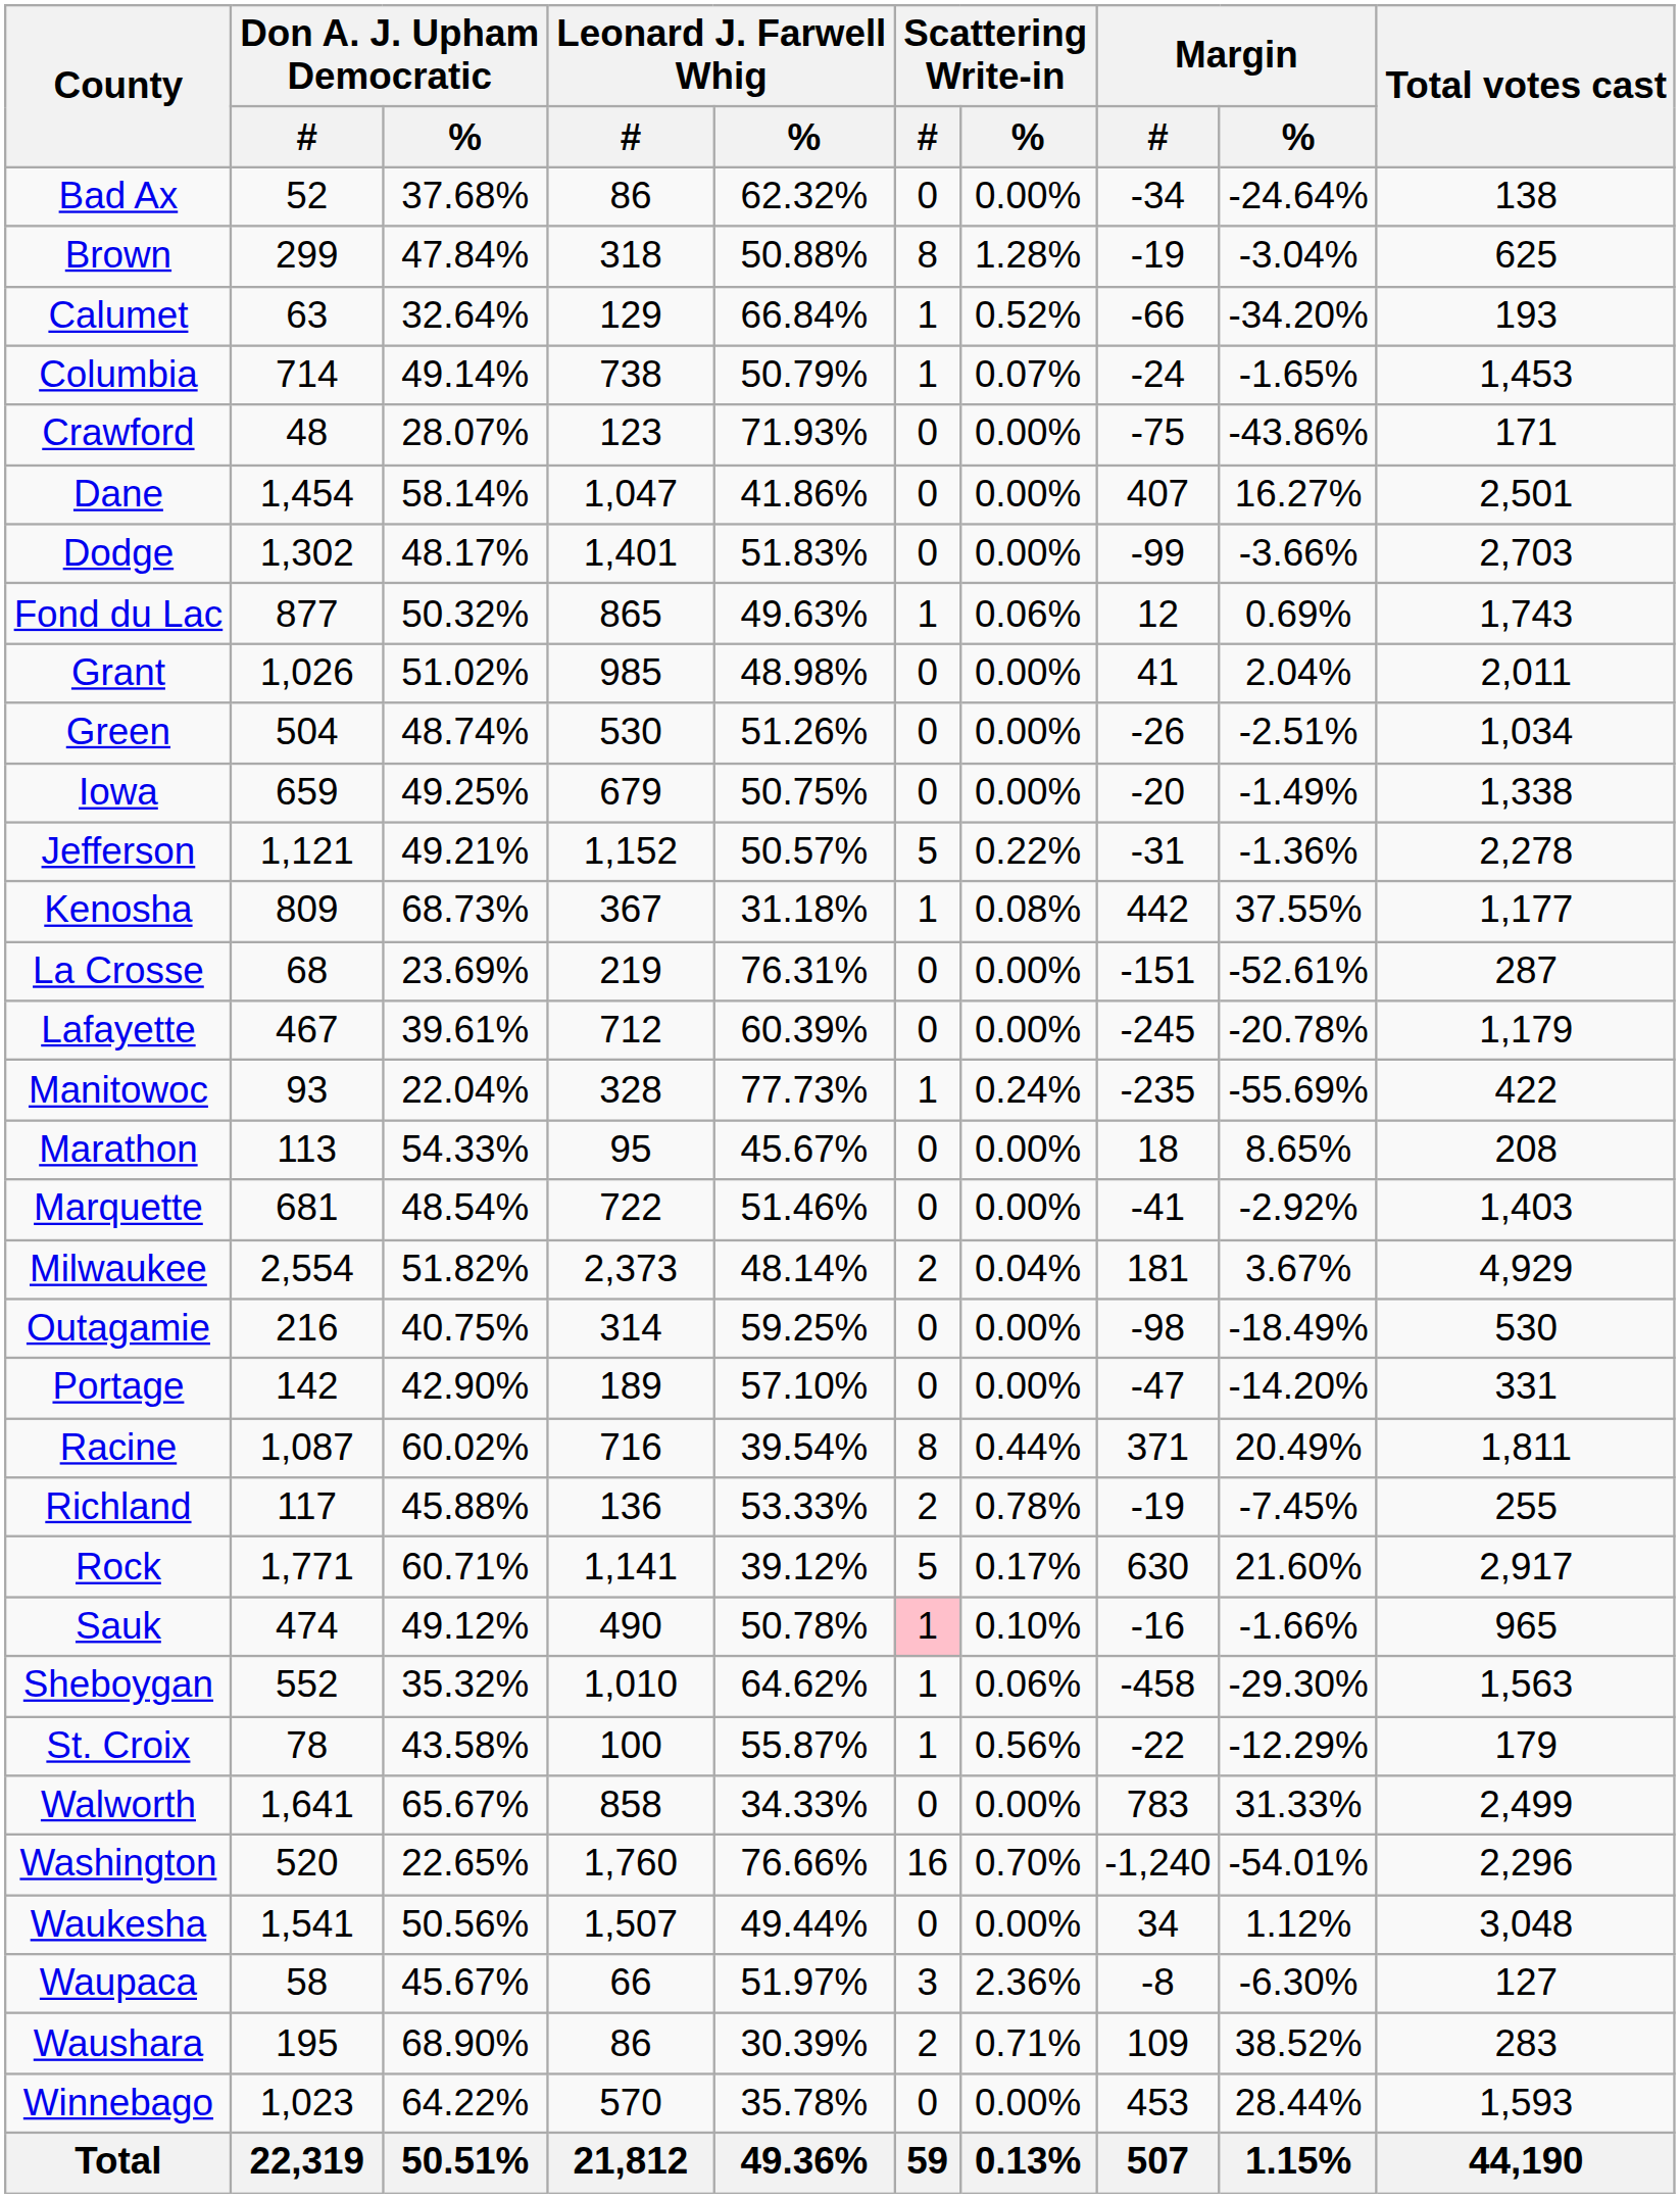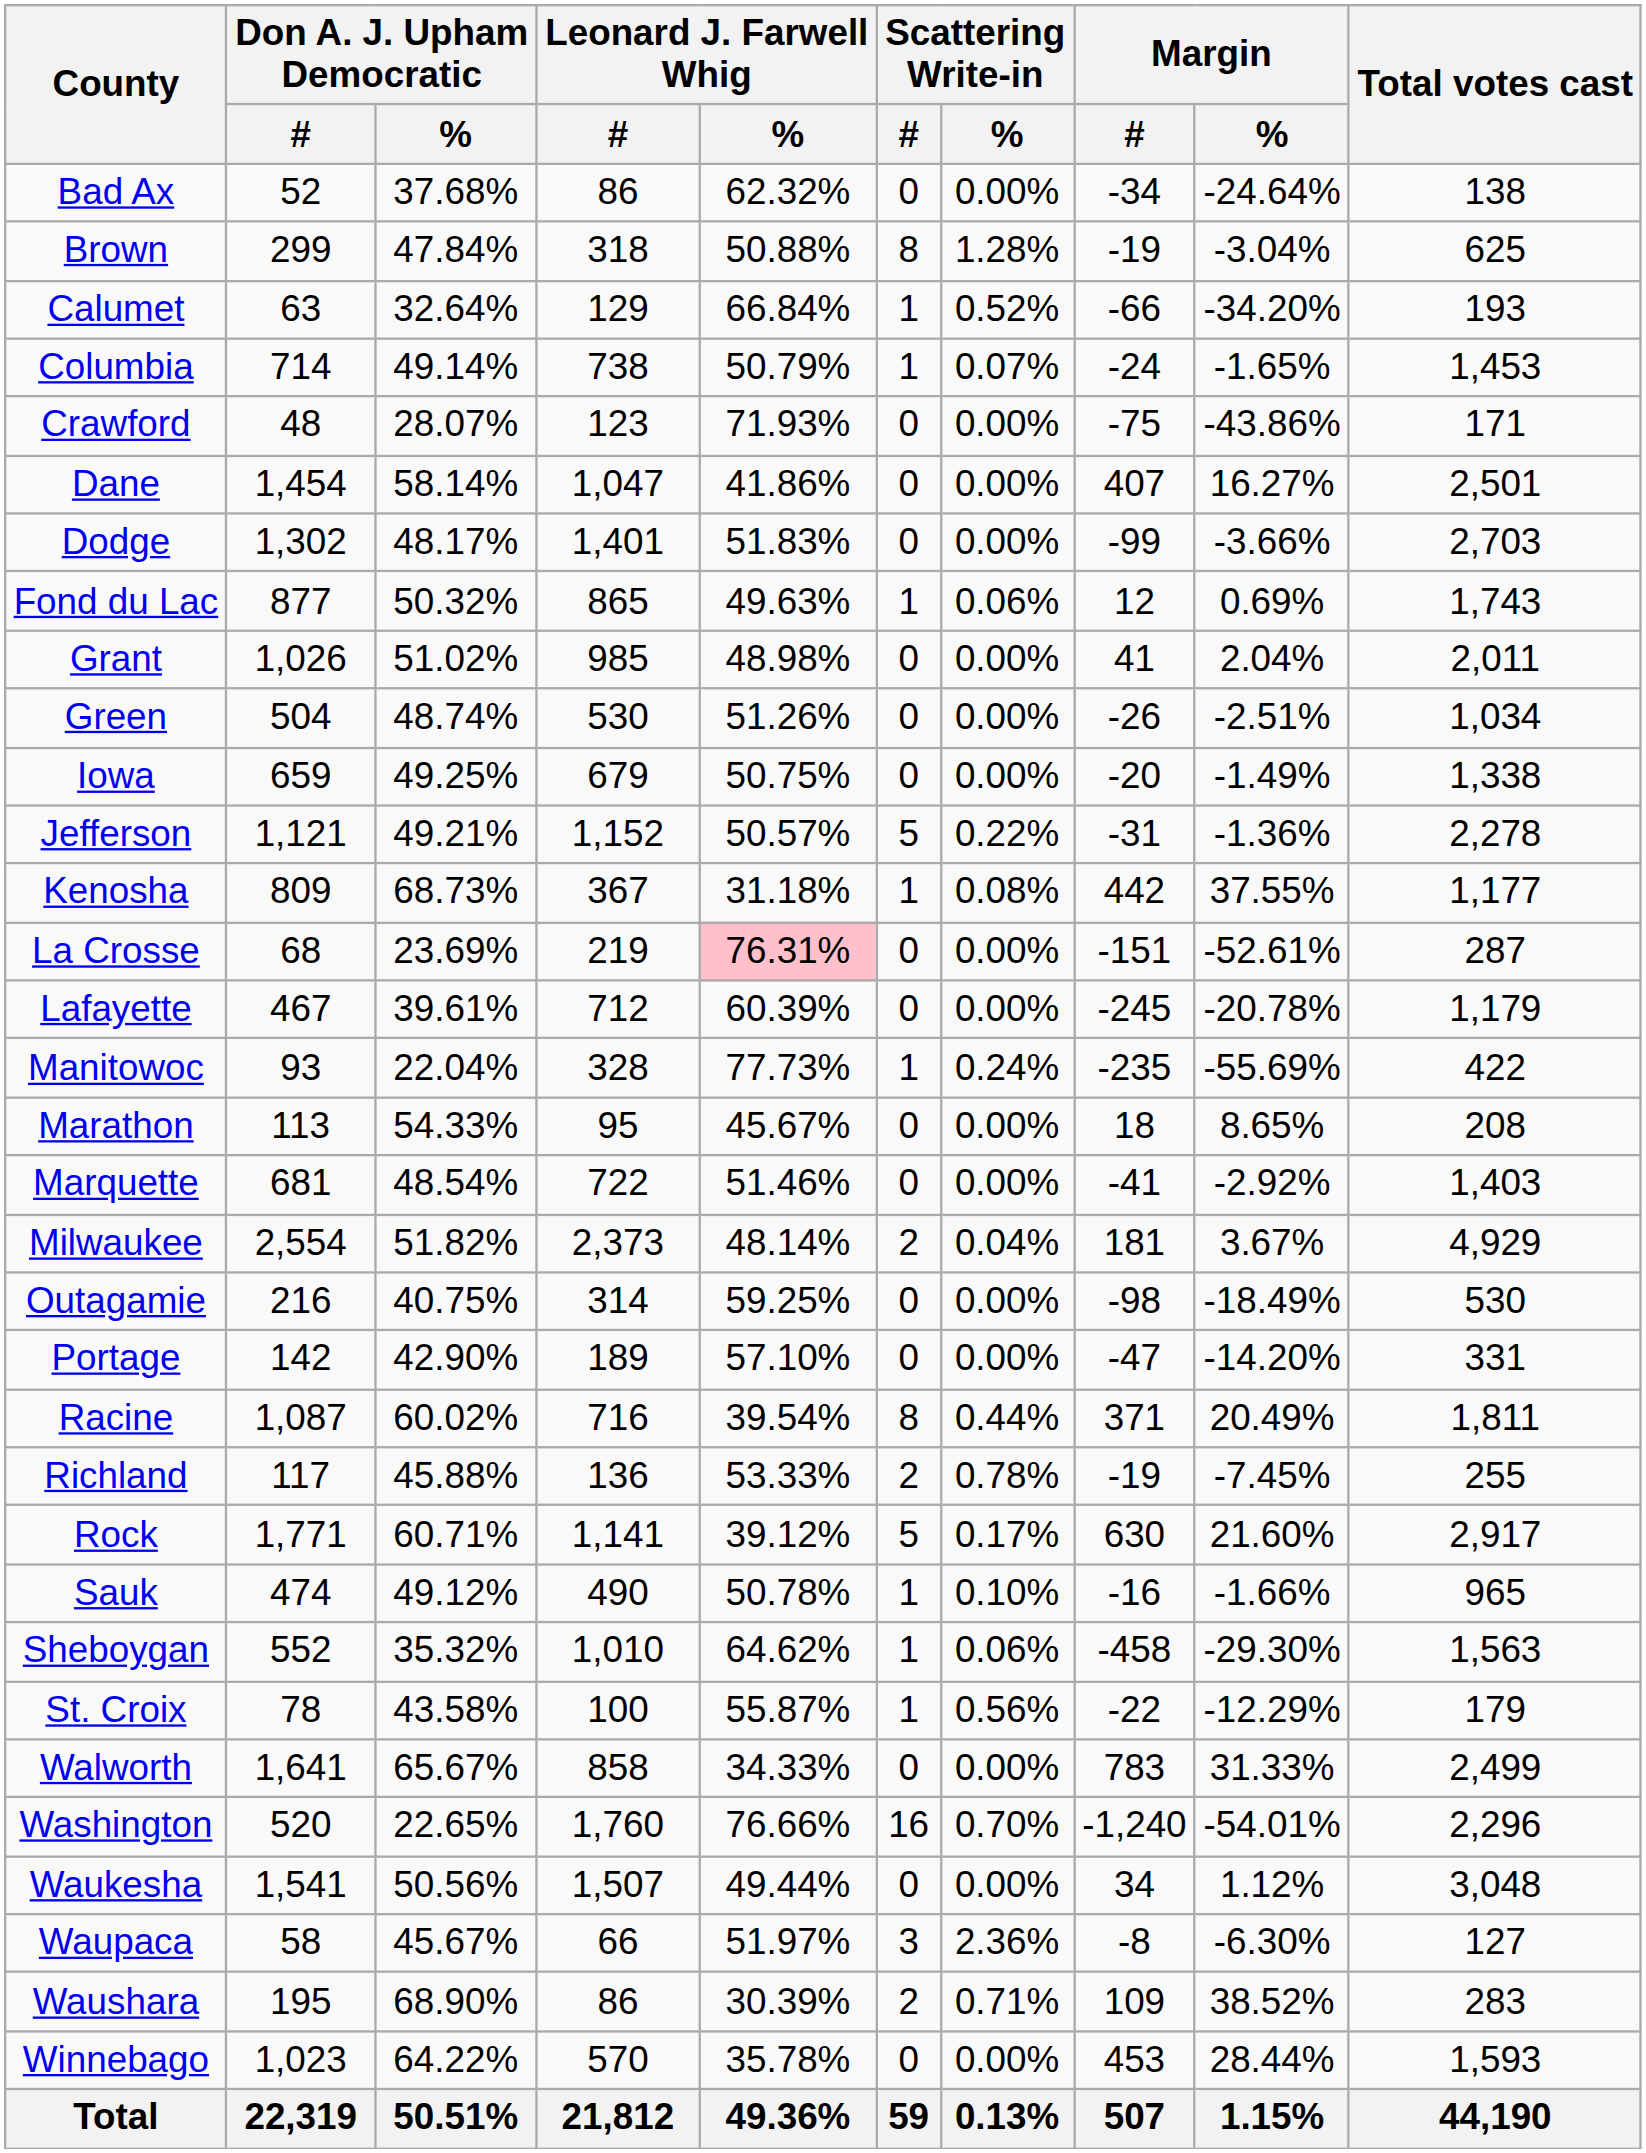 <table class="wikitable sortable" style="text-align:center">
 <tr>
 <th rowspan="2" style="text-align:center;">County</th>
 <th colspan="2" style="text-align:center;">Don A. J. Upham<br>Democratic</th>
 <th colspan="2" style="text-align:center;">Leonard J. Farwell<br>Whig</th>
 <th colspan="2" style="text-align:center;">Scattering<br>Write-in</th>
 <th colspan="2" style="text-align:center;">Margin</th>
 <th rowspan="2" style="text-align:center;">Total votes cast</th>
 </tr>
 <tr>
 <th style="text-align:center;" data-sort-type="number">#</th>
 <th style="text-align:center;" data-sort-type="number">%</th>
 <th style="text-align:center;" data-sort-type="number">#</th>
 <th style="text-align:center;" data-sort-type="number">%</th>
 <th style="text-align:center;" data-sort-type="number">#</th>
 <th style="text-align:center;" data-sort-type="number">%</th>
 <th style="text-align:center;" data-sort-type="number">#</th>
 <th style="text-align:center;" data-sort-type="number">%</th>
 </tr>
 <tr style="text-align:center;">
 <td><a href='#'>Bad Ax</a></td>
 <td>52</td>
 <td>37.68%</td>
 <td>86</td>
 <td>62.32%</td>
 <td>0</td>
 <td>0.00%</td>
 <td>-34</td>
 <td>-24.64%</td>
 <td>138</td>
 </tr>
 <tr style="text-align:center;">
 <td><a href='#'>Brown</a></td>
 <td>299</td>
 <td>47.84%</td>
 <td>318</td>
 <td>50.88%</td>
 <td>8</td>
 <td>1.28%</td>
 <td>-19</td>
 <td>-3.04%</td>
 <td>625</td>
 </tr>
 <tr style="text-align:center;">
 <td><a href='#'>Calumet</a></td>
 <td>63</td>
 <td>32.64%</td>
 <td>129</td>
 <td>66.84%</td>
 <td>1</td>
 <td>0.52%</td>
 <td>-66</td>
 <td>-34.20%</td>
 <td>193</td>
 </tr>
 <tr style="text-align:center;">
 <td><a href='#'>Columbia</a></td>
 <td>714</td>
 <td>49.14%</td>
 <td>738</td>
 <td>50.79%</td>
 <td>1</td>
 <td>0.07%</td>
 <td>-24</td>
 <td>-1.65%</td>
 <td>1,453</td>
 </tr>
 <tr style="text-align:center;">
 <td><a href='#'>Crawford</a></td>
 <td>48</td>
 <td>28.07%</td>
 <td>123</td>
 <td>71.93%</td>
 <td>0</td>
 <td>0.00%</td>
 <td>-75</td>
 <td>-43.86%</td>
 <td>171</td>
 </tr>
 <tr style="text-align:center;">
 <td><a href='#'>Dane</a></td>
 <td>1,454</td>
 <td>58.14%</td>
 <td>1,047</td>
 <td>41.86%</td>
 <td>0</td>
 <td>0.00%</td>
 <td>407</td>
 <td>16.27%</td>
 <td>2,501</td>
 </tr>
 <tr style="text-align:center;">
 <td><a href='#'>Dodge</a></td>
 <td>1,302</td>
 <td>48.17%</td>
 <td>1,401</td>
 <td>51.83%</td>
 <td>0</td>
 <td>0.00%</td>
 <td>-99</td>
 <td>-3.66%</td>
 <td>2,703</td>
 </tr>
 <tr style="text-align:center;">
 <td><a href='#'>Fond du Lac</a></td>
 <td>877</td>
 <td>50.32%</td>
 <td>865</td>
 <td>49.63%</td>
 <td>1</td>
 <td>0.06%</td>
 <td>12</td>
 <td>0.69%</td>
 <td>1,743</td>
 </tr>
 <tr style="text-align:center;">
 <td><a href='#'>Grant</a></td>
 <td>1,026</td>
 <td>51.02%</td>
 <td>985</td>
 <td>48.98%</td>
 <td>0</td>
 <td>0.00%</td>
 <td>41</td>
 <td>2.04%</td>
 <td>2,011</td>
 </tr>
 <tr style="text-align:center;">
 <td><a href='#'>Green</a></td>
 <td>504</td>
 <td>48.74%</td>
 <td>530</td>
 <td>51.26%</td>
 <td>0</td>
 <td>0.00%</td>
 <td>-26</td>
 <td>-2.51%</td>
 <td>1,034</td>
 </tr>
 <tr style="text-align:center;">
 <td><a href='#'>Iowa</a></td>
 <td>659</td>
 <td>49.25%</td>
 <td>679</td>
 <td>50.75%</td>
 <td>0</td>
 <td>0.00%</td>
 <td>-20</td>
 <td>-1.49%</td>
 <td>1,338</td>
 </tr>
 <tr style="text-align:center;">
 <td><a href='#'>Jefferson</a></td>
 <td>1,121</td>
 <td>49.21%</td>
 <td>1,152</td>
 <td>50.57%</td>
 <td>5</td>
 <td>0.22%</td>
 <td>-31</td>
 <td>-1.36%</td>
 <td>2,278</td>
 </tr>
 <tr style="text-align:center;">
 <td><a href='#'>Kenosha</a></td>
 <td>809</td>
 <td>68.73%</td>
 <td>367</td>
 <td>31.18%</td>
 <td>1</td>
 <td>0.08%</td>
 <td>442</td>
 <td>37.55%</td>
 <td>1,177</td>
 </tr>
 <tr style="text-align:center;">
 <td><a href='#'>La Crosse</a></td>
 <td>68</td>
 <td>23.69%</td>
 <td>219</td>
-<td>76.31%</td>
+<td style="background: pink;">76.31%</td>
 <td>0</td>
 <td>0.00%</td>
 <td>-151</td>
 <td>-52.61%</td>
 <td>287</td>
 </tr>
 <tr style="text-align:center;">
 <td><a href='#'>Lafayette</a></td>
 <td>467</td>
 <td>39.61%</td>
 <td>712</td>
 <td>60.39%</td>
 <td>0</td>
 <td>0.00%</td>
 <td>-245</td>
 <td>-20.78%</td>
 <td>1,179</td>
 </tr>
 <tr style="text-align:center;">
 <td><a href='#'>Manitowoc</a></td>
 <td>93</td>
 <td>22.04%</td>
 <td>328</td>
 <td>77.73%</td>
 <td>1</td>
 <td>0.24%</td>
 <td>-235</td>
 <td>-55.69%</td>
 <td>422</td>
 </tr>
 <tr style="text-align:center;">
 <td><a href='#'>Marathon</a></td>
 <td>113</td>
 <td>54.33%</td>
 <td>95</td>
 <td>45.67%</td>
 <td>0</td>
 <td>0.00%</td>
 <td>18</td>
 <td>8.65%</td>
 <td>208</td>
 </tr>
 <tr style="text-align:center;">
 <td><a href='#'>Marquette</a></td>
 <td>681</td>
 <td>48.54%</td>
 <td>722</td>
 <td>51.46%</td>
 <td>0</td>
 <td>0.00%</td>
 <td>-41</td>
 <td>-2.92%</td>
 <td>1,403</td>
 </tr>
 <tr style="text-align:center;">
 <td><a href='#'>Milwaukee</a></td>
 <td>2,554</td>
 <td>51.82%</td>
 <td>2,373</td>
 <td>48.14%</td>
 <td>2</td>
 <td>0.04%</td>
 <td>181</td>
 <td>3.67%</td>
 <td>4,929</td>
 </tr>
 <tr style="text-align:center;">
 <td><a href='#'>Outagamie</a></td>
 <td>216</td>
 <td>40.75%</td>
 <td>314</td>
 <td>59.25%</td>
 <td>0</td>
 <td>0.00%</td>
 <td>-98</td>
 <td>-18.49%</td>
 <td>530</td>
 </tr>
 <tr style="text-align:center;">
 <td><a href='#'>Portage</a></td>
 <td>142</td>
 <td>42.90%</td>
 <td>189</td>
 <td>57.10%</td>
 <td>0</td>
 <td>0.00%</td>
 <td>-47</td>
 <td>-14.20%</td>
 <td>331</td>
 </tr>
 <tr style="text-align:center;">
 <td><a href='#'>Racine</a></td>
 <td>1,087</td>
 <td>60.02%</td>
 <td>716</td>
 <td>39.54%</td>
 <td>8</td>
 <td>0.44%</td>
 <td>371</td>
 <td>20.49%</td>
 <td>1,811</td>
 </tr>
 <tr style="text-align:center;">
 <td><a href='#'>Richland</a></td>
 <td>117</td>
 <td>45.88%</td>
 <td>136</td>
 <td>53.33%</td>
 <td>2</td>
 <td>0.78%</td>
 <td>-19</td>
 <td>-7.45%</td>
 <td>255</td>
 </tr>
 <tr style="text-align:center;">
 <td><a href='#'>Rock</a></td>
 <td>1,771</td>
 <td>60.71%</td>
 <td>1,141</td>
 <td>39.12%</td>
 <td>5</td>
 <td>0.17%</td>
 <td>630</td>
 <td>21.60%</td>
 <td>2,917</td>
 </tr>
 <tr style="text-align:center;">
 <td><a href='#'>Sauk</a></td>
 <td>474</td>
 <td>49.12%</td>
 <td>490</td>
 <td>50.78%</td>
-<td style="background: pink;">1</td>
+<td>1</td>
 <td>0.10%</td>
 <td>-16</td>
 <td>-1.66%</td>
 <td>965</td>
 </tr>
 <tr style="text-align:center;">
 <td><a href='#'>Sheboygan</a></td>
 <td>552</td>
 <td>35.32%</td>
 <td>1,010</td>
 <td>64.62%</td>
 <td>1</td>
 <td>0.06%</td>
 <td>-458</td>
 <td>-29.30%</td>
 <td>1,563</td>
 </tr>
 <tr style="text-align:center;">
 <td><a href='#'>St. Croix</a></td>
 <td>78</td>
 <td>43.58%</td>
 <td>100</td>
 <td>55.87%</td>
 <td>1</td>
 <td>0.56%</td>
 <td>-22</td>
 <td>-12.29%</td>
 <td>179</td>
 </tr>
 <tr style="text-align:center;">
 <td><a href='#'>Walworth</a></td>
 <td>1,641</td>
 <td>65.67%</td>
 <td>858</td>
 <td>34.33%</td>
 <td>0</td>
 <td>0.00%</td>
 <td>783</td>
 <td>31.33%</td>
 <td>2,499</td>
 </tr>
 <tr style="text-align:center;">
 <td><a href='#'>Washington</a></td>
 <td>520</td>
 <td>22.65%</td>
 <td>1,760</td>
 <td>76.66%</td>
 <td>16</td>
 <td>0.70%</td>
 <td>-1,240</td>
 <td>-54.01%</td>
 <td>2,296</td>
 </tr>
 <tr style="text-align:center;">
 <td><a href='#'>Waukesha</a></td>
 <td>1,541</td>
 <td>50.56%</td>
 <td>1,507</td>
 <td>49.44%</td>
 <td>0</td>
 <td>0.00%</td>
 <td>34</td>
 <td>1.12%</td>
 <td>3,048</td>
 </tr>
 <tr style="text-align:center;">
 <td><a href='#'>Waupaca</a></td>
 <td>58</td>
 <td>45.67%</td>
 <td>66</td>
 <td>51.97%</td>
 <td>3</td>
 <td>2.36%</td>
 <td>-8</td>
 <td>-6.30%</td>
 <td>127</td>
 </tr>
 <tr style="text-align:center;">
 <td><a href='#'>Waushara</a></td>
 <td>195</td>
 <td>68.90%</td>
 <td>86</td>
 <td>30.39%</td>
 <td>2</td>
 <td>0.71%</td>
 <td>109</td>
 <td>38.52%</td>
 <td>283</td>
 </tr>
 <tr style="text-align:center;">
 <td><a href='#'>Winnebago</a></td>
 <td>1,023</td>
 <td>64.22%</td>
 <td>570</td>
 <td>35.78%</td>
 <td>0</td>
 <td>0.00%</td>
 <td>453</td>
 <td>28.44%</td>
 <td>1,593</td>
 </tr>
 <tr>
 <th>Total</th>
 <th>22,319</th>
 <th>50.51%</th>
 <th>21,812</th>
 <th>49.36%</th>
 <th>59</th>
 <th>0.13%</th>
 <th>507</th>
 <th>1.15%</th>
 <th>44,190</th>
 </tr>
 </table>
